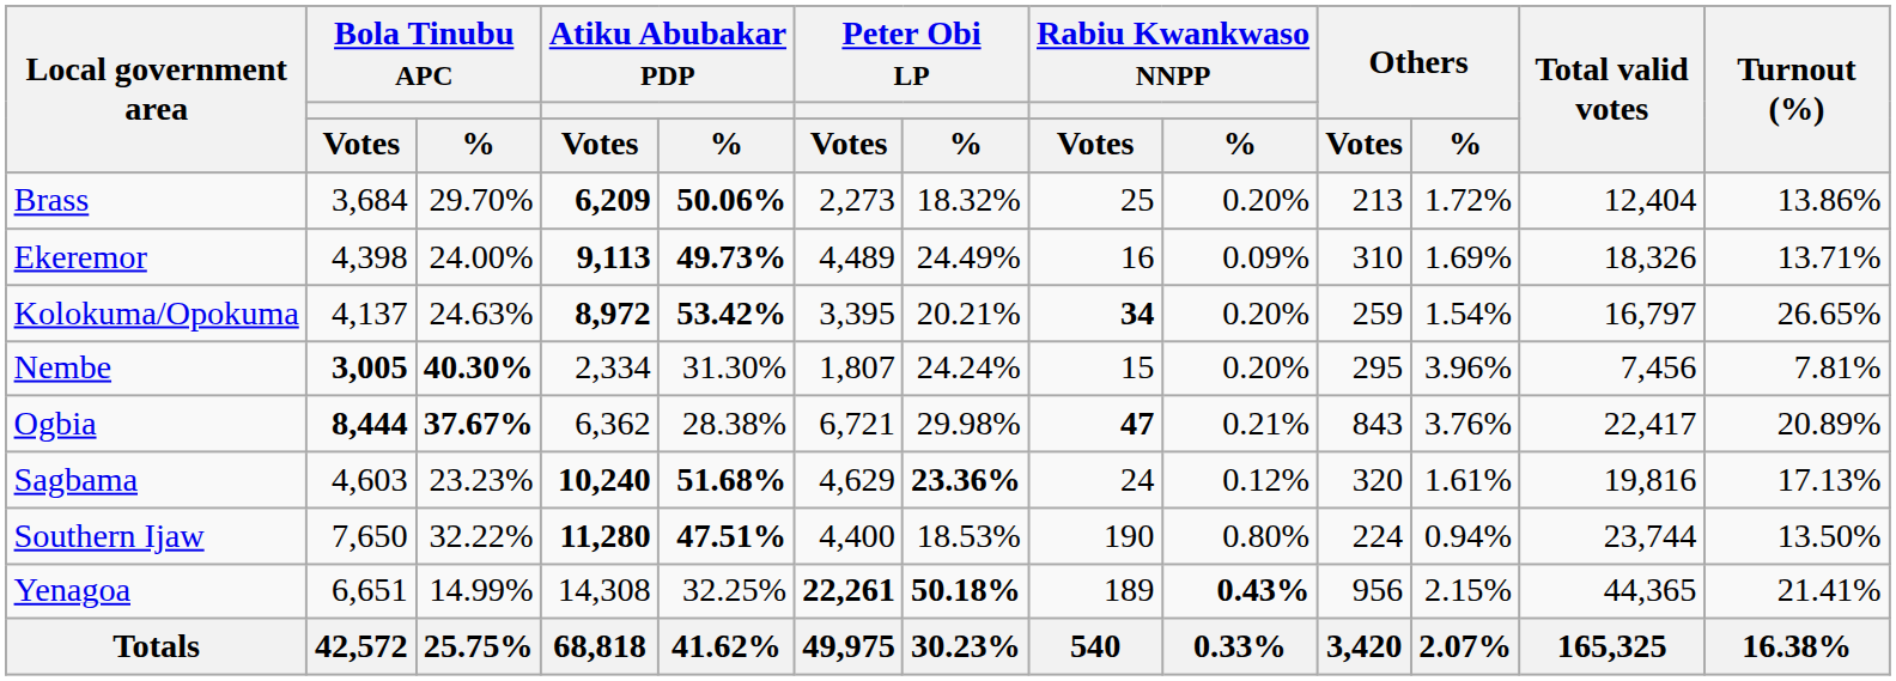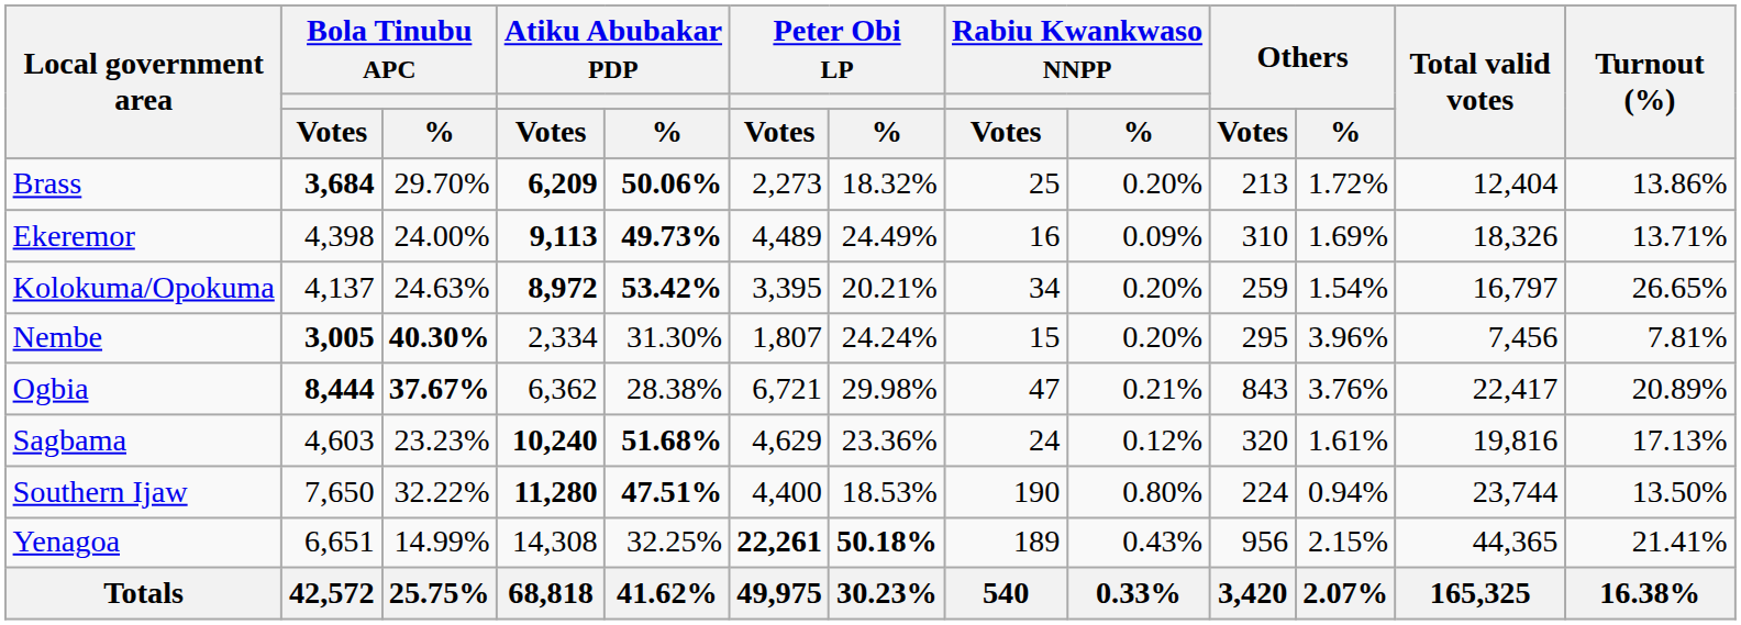 <table class="wikitable sortable" style="text-align:right; font-size:90%">
 <tr>
 <th rowspan="3" style="max-width:7.5em;">Local government area</th>
 <th colspan="2"><a href='#'>Bola Tinubu</a><br><small>APC</small></th>
 <th colspan="2"><a href='#'>Atiku Abubakar</a><br><small>PDP</small></th>
 <th colspan="2"><a href='#'>Peter Obi</a><br><small>LP</small></th>
 <th colspan="2"><a href='#'>Rabiu Kwankwaso</a><br><small>NNPP</small></th>
 <th colspan="2" rowspan="2">Others</th>
 <th rowspan="3" style="max-width:5em;">Total valid votes</th>
 <th rowspan="3" style="max-width:5em;">Turnout (%)</th>
 </tr>
 <tr>
 <th colspan=2 style="background-color:"></th>
 <th colspan=2 style="background-color:"></th>
 <th colspan=2 style="background-color:"></th>
 <th colspan=2 style="background-color:"></th>
 </tr>
 <tr>
 <th>Votes</th>
 <th>%</th>
 <th>Votes</th>
 <th>%</th>
 <th>Votes</th>
 <th>%</th>
 <th>Votes</th>
 <th>%</th>
 <th>Votes</th>
 <th>%</th>
 </tr>
 <tr style="background-color:#">
 <td style="text-align:left;"><a href='#'>Brass</a></td>
-<td>3,684</td>
+<td><strong>3,684</strong></td>
 <td>29.70%</td>
 <td><strong>6,209</strong></td>
 <td><strong>50.06%</strong></td>
 <td>2,273</td>
 <td>18.32%</td>
 <td>25</td>
 <td>0.20%</td>
 <td>213</td>
 <td>1.72%</td>
 <td>12,404</td>
 <td>13.86%</td>
 </tr>
 <tr style="background-color:#">
 <td style="text-align:left;"><a href='#'>Ekeremor</a></td>
 <td>4,398</td>
 <td>24.00%</td>
 <td><strong>9,113</strong></td>
 <td><strong>49.73%</strong></td>
 <td>4,489</td>
 <td>24.49%</td>
 <td>16</td>
 <td>0.09%</td>
 <td>310</td>
 <td>1.69%</td>
 <td>18,326</td>
 <td>13.71%</td>
 </tr>
 <tr style="background-color:#">
 <td style="text-align:left;"><a href='#'>Kolokuma/Opokuma</a></td>
 <td>4,137</td>
 <td>24.63%</td>
 <td><strong>8,972</strong></td>
 <td><strong>53.42%</strong></td>
 <td>3,395</td>
 <td>20.21%</td>
-<td><strong>34</strong></td>
+<td>34</td>
 <td>0.20%</td>
 <td>259</td>
 <td>1.54%</td>
 <td>16,797</td>
 <td>26.65%</td>
 </tr>
 <tr style="background-color:#">
 <td style="text-align:left;"><a href='#'>Nembe</a></td>
 <td><strong>3,005</strong></td>
 <td><strong>40.30%</strong></td>
 <td>2,334</td>
 <td>31.30%</td>
 <td>1,807</td>
 <td>24.24%</td>
 <td>15</td>
 <td>0.20%</td>
 <td>295</td>
 <td>3.96%</td>
 <td>7,456</td>
 <td>7.81%</td>
 </tr>
 <tr style="background-color:#">
 <td style="text-align:left;"><a href='#'>Ogbia</a></td>
 <td><strong>8,444</strong></td>
 <td><strong>37.67%</strong></td>
 <td>6,362</td>
 <td>28.38%</td>
 <td>6,721</td>
 <td>29.98%</td>
-<td><strong>47</strong></td>
+<td>47</td>
 <td>0.21%</td>
 <td>843</td>
 <td>3.76%</td>
 <td>22,417</td>
 <td>20.89%</td>
 </tr>
 <tr style="background-color:#">
 <td style="text-align:left;"><a href='#'>Sagbama</a></td>
 <td>4,603</td>
 <td>23.23%</td>
 <td><strong>10,240</strong></td>
 <td><strong>51.68%</strong></td>
 <td>4,629</td>
-<td><strong>23.36%</strong></td>
+<td>23.36%</td>
 <td>24</td>
 <td>0.12%</td>
 <td>320</td>
 <td>1.61%</td>
 <td>19,816</td>
 <td>17.13%</td>
 </tr>
 <tr style="background-color:#">
 <td style="text-align:left;"><a href='#'>Southern Ijaw</a></td>
 <td>7,650</td>
 <td>32.22%</td>
 <td><strong>11,280</strong></td>
 <td><strong>47.51%</strong></td>
 <td>4,400</td>
 <td>18.53%</td>
 <td>190</td>
 <td>0.80%</td>
 <td>224</td>
 <td>0.94%</td>
 <td>23,744</td>
 <td>13.50%</td>
 </tr>
 <tr style="background-color:#">
 <td style="text-align:left;"><a href='#'>Yenagoa</a></td>
 <td>6,651</td>
 <td>14.99%</td>
 <td>14,308</td>
 <td>32.25%</td>
 <td><strong>22,261</strong></td>
 <td><strong>50.18%</strong></td>
 <td>189</td>
-<td><strong>0.43%</strong></td>
+<td>0.43%</td>
 <td>956</td>
 <td>2.15%</td>
 <td>44,365</td>
 <td>21.41%</td>
 </tr>
 <tr>
 <th>Totals</th>
 <th>42,572</th>
 <th>25.75%</th>
 <th>68,818</th>
 <th>41.62%</th>
 <th>49,975</th>
 <th>30.23%</th>
 <th>540</th>
 <th>0.33%</th>
 <th>3,420</th>
 <th>2.07%</th>
 <th>165,325</th>
 <th>16.38%</th>
 </tr>
 </table>
